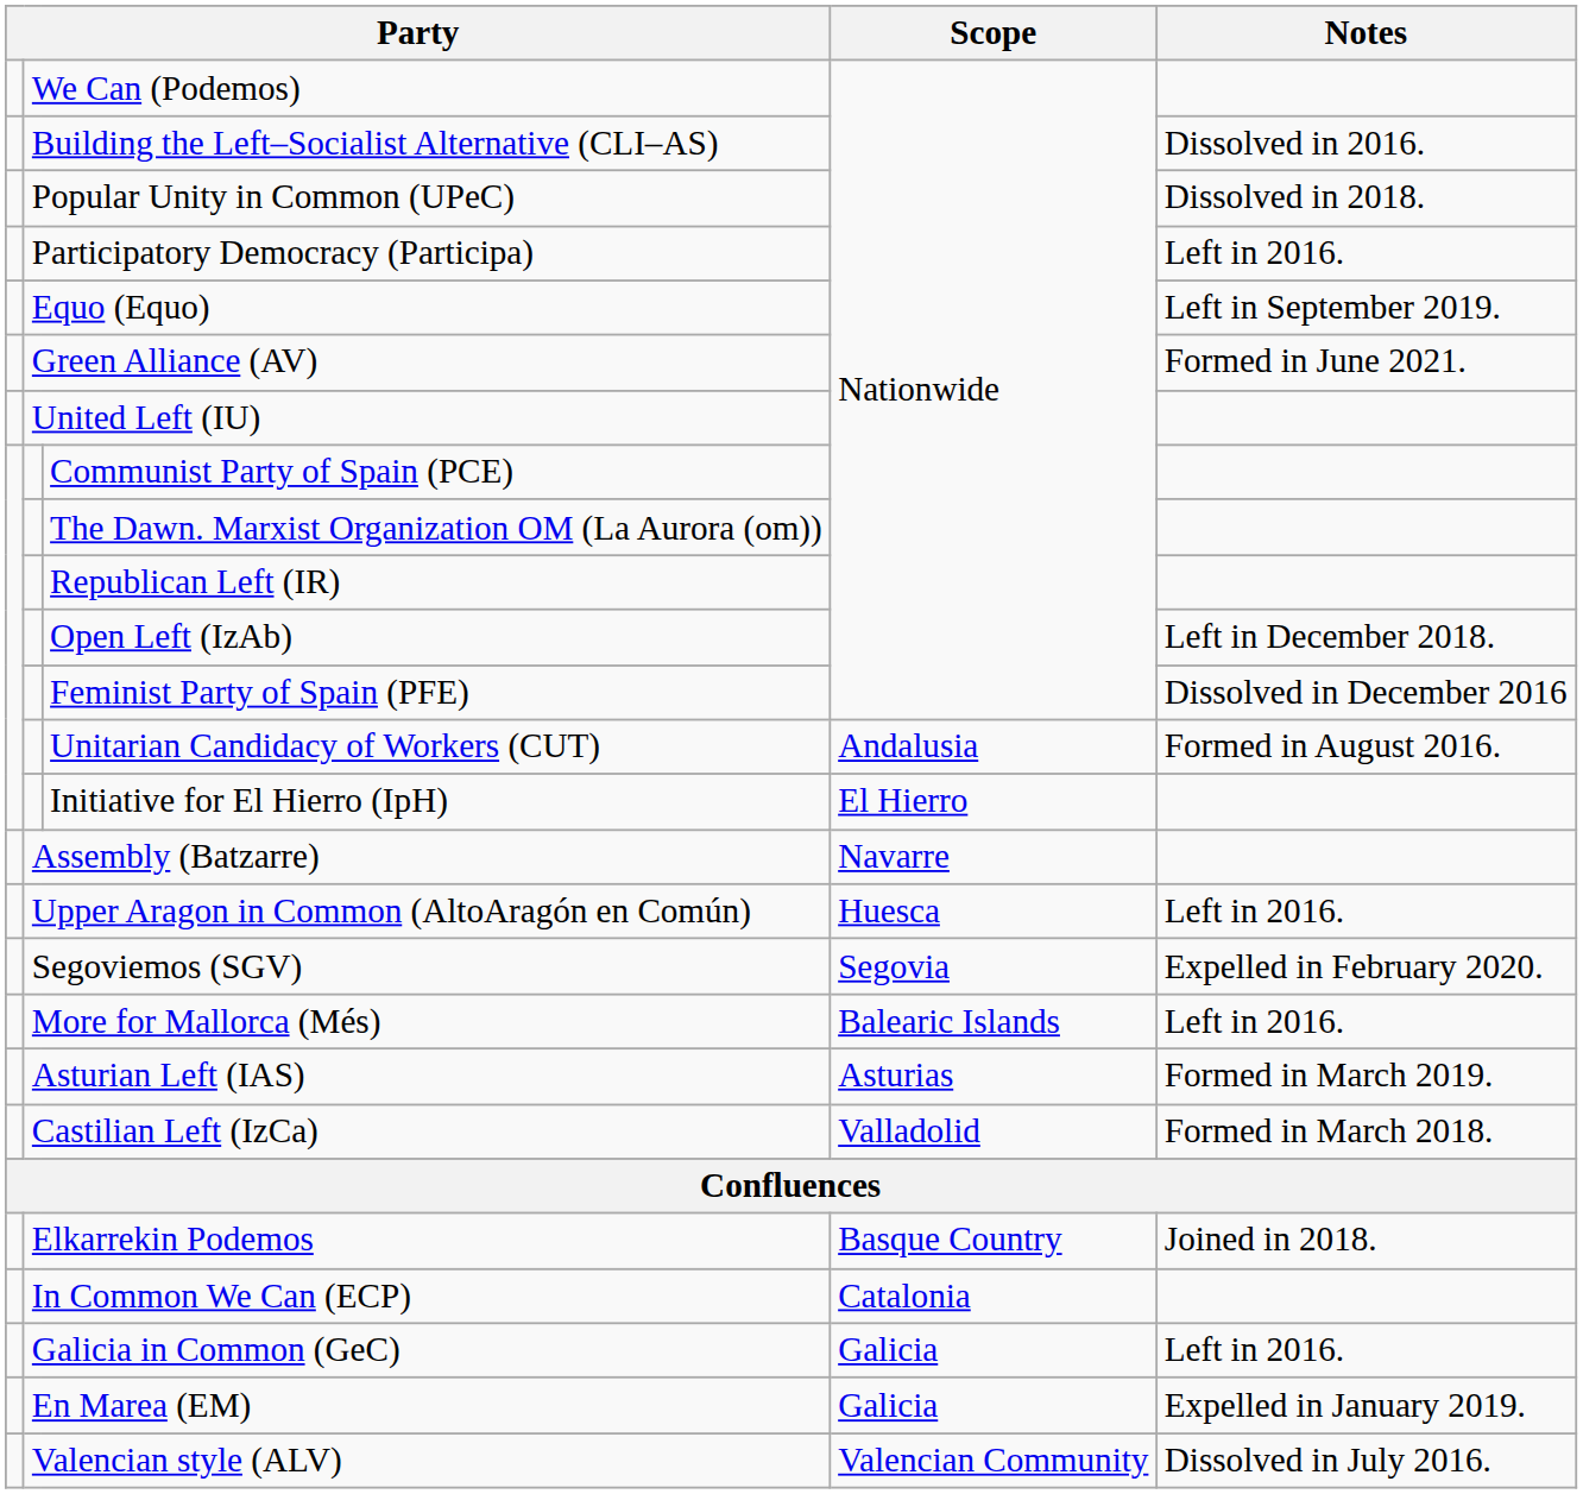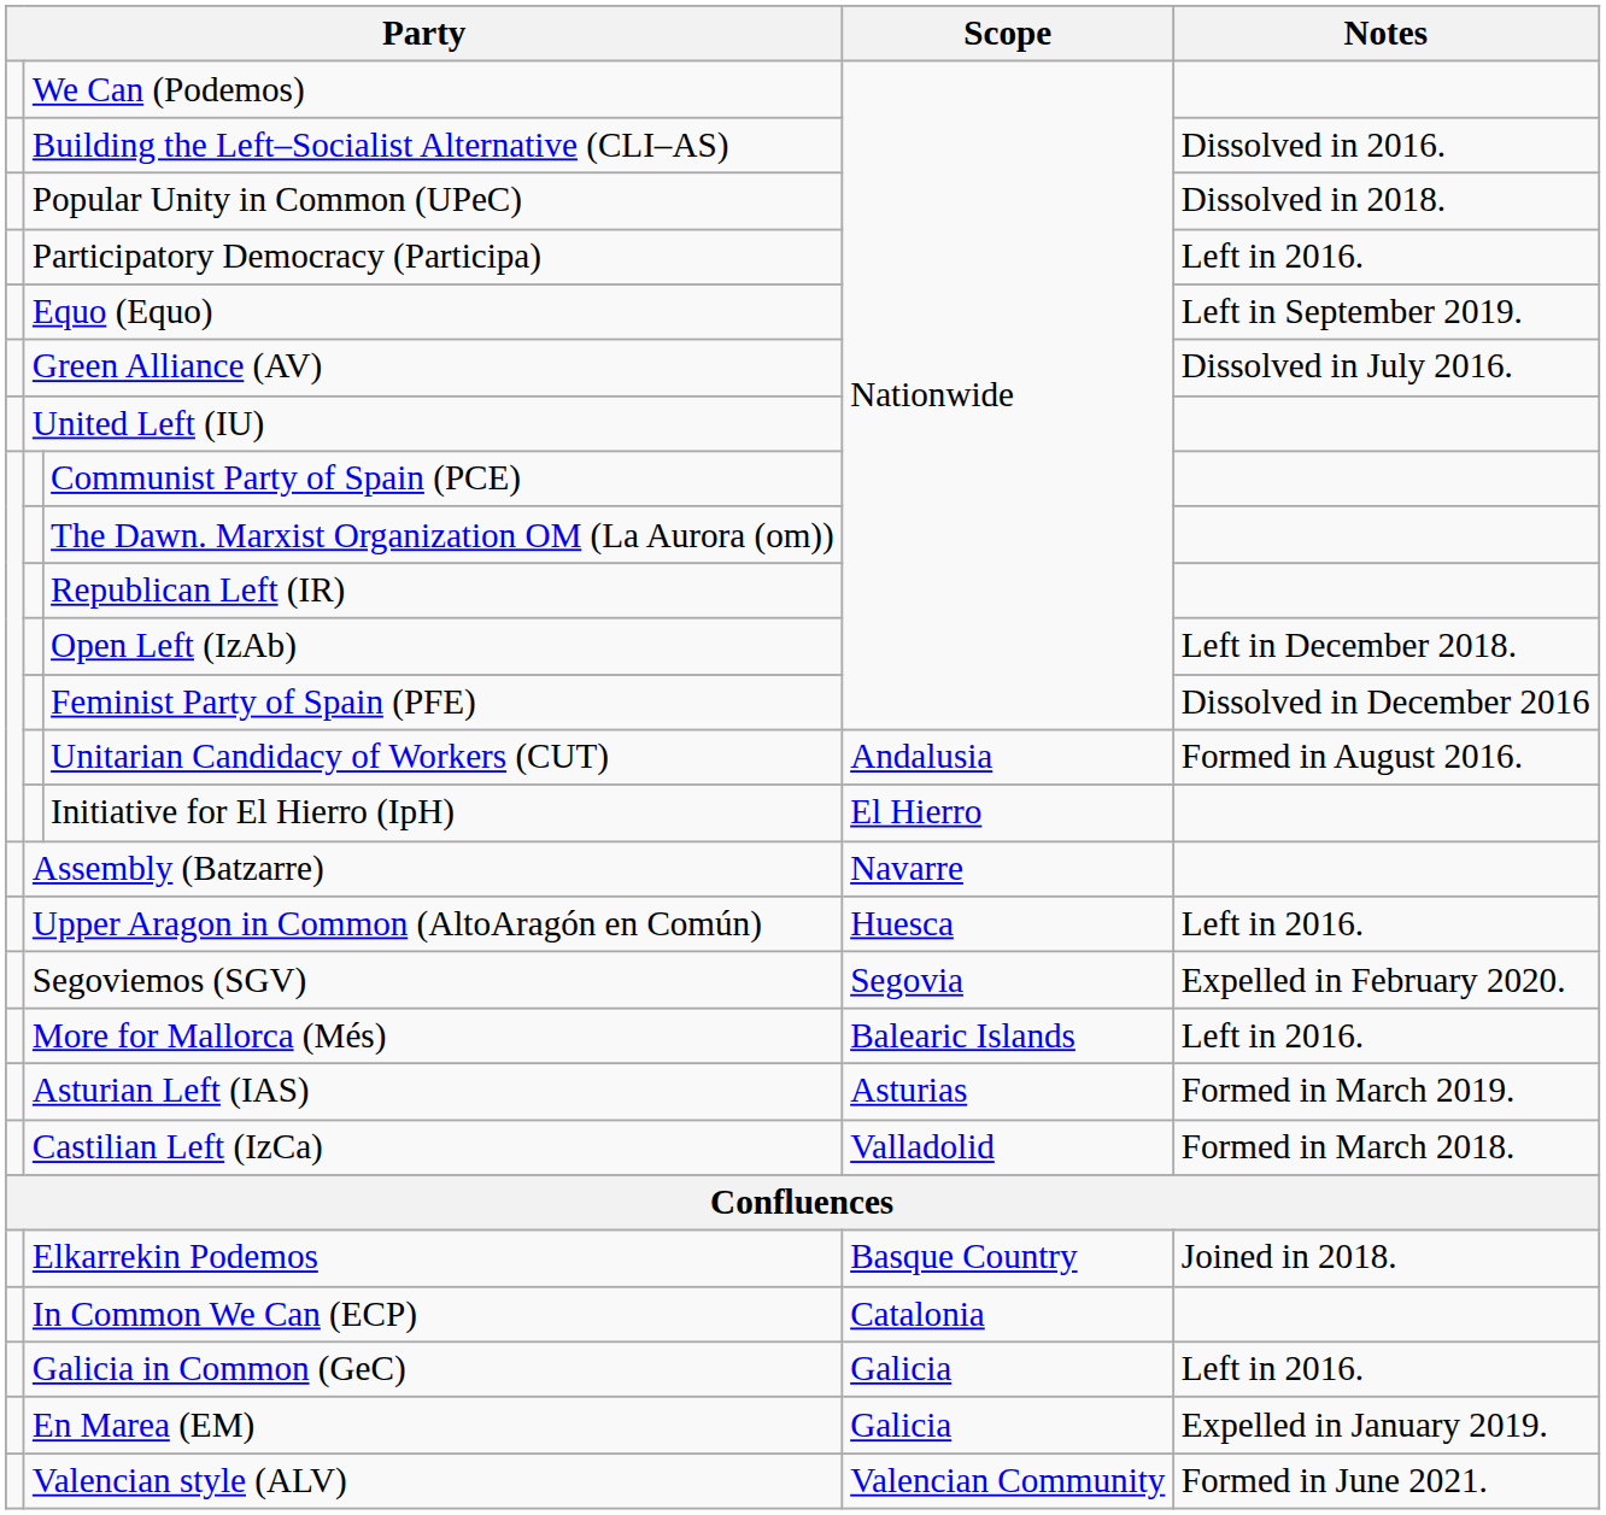 <table class="wikitable" style="text-align:left;">
 <tr>
 <th colspan="3">Party</th>
 <th>Scope</th>
 <th>Notes</th>
 </tr>
 <tr>
 <td width="1"></td>
 <td colspan="2"><a href='#'>We Can</a> (Podemos)</td>
 <td rowspan="12">Nationwide</td>
 <td></td>
 </tr>
 <tr>
 <td></td>
 <td colspan="2"><a href='#'>Building the Left–Socialist Alternative</a> (CLI–AS)</td>
 <td>Dissolved in 2016.</td>
 </tr>
 <tr>
 <td></td>
 <td colspan="2">Popular Unity in Common (UPeC)</td>
 <td>Dissolved in 2018.</td>
 </tr>
 <tr>
 <td></td>
 <td colspan="2">Participatory Democracy (Participa)</td>
 <td>Left in 2016.</td>
 </tr>
 <tr>
 <td></td>
 <td colspan="2"><a href='#'>Equo</a> (Equo)</td>
 <td>Left in September 2019.</td>
 </tr>
 <tr>
 <td></td>
 <td colspan="2"><a href='#'>Green Alliance</a> (AV)</td>
-<td>Formed in June 2021.</td>
+<td>Dissolved in July 2016.</td>
 </tr>
 <tr>
 <td></td>
 <td colspan="2"><a href='#'>United Left</a> (IU)</td>
 <td></td>
 </tr>
 <tr>
 <td rowspan="7"></td>
 <td width="1"></td>
 <td><a href='#'>Communist Party of Spain</a> (PCE)</td>
 <td></td>
 </tr>
 <tr>
 <td></td>
 <td><a href='#'>The Dawn. Marxist Organization OM</a> (La Aurora (om))</td>
 <td></td>
 </tr>
 <tr>
 <td></td>
 <td><a href='#'>Republican Left</a> (IR)</td>
 <td></td>
 </tr>
 <tr>
 <td></td>
 <td><a href='#'>Open Left</a> (IzAb)</td>
 <td>Left in December 2018.</td>
 </tr>
 <tr>
 <td></td>
 <td><a href='#'>Feminist Party of Spain</a> (PFE)</td>
 <td>Dissolved in December 2016</td>
 </tr>
 <tr>
 <td></td>
 <td><a href='#'>Unitarian Candidacy of Workers</a> (CUT)</td>
 <td><a href='#'>Andalusia</a></td>
 <td>Formed in August 2016.</td>
 </tr>
 <tr>
 <td></td>
 <td>Initiative for El Hierro (IpH)</td>
 <td><a href='#'>El Hierro</a></td>
 <td></td>
 </tr>
 <tr>
 <td></td>
 <td colspan="2"><a href='#'>Assembly</a> (Batzarre)</td>
 <td><a href='#'>Navarre</a></td>
 <td></td>
 </tr>
 <tr>
 <td></td>
 <td colspan="2"><a href='#'>Upper Aragon in Common</a> (AltoAragón en Común)</td>
 <td><a href='#'>Huesca</a></td>
 <td>Left in 2016.</td>
 </tr>
 <tr>
 <td></td>
 <td colspan="2">Segoviemos (SGV)</td>
 <td><a href='#'>Segovia</a></td>
 <td>Expelled in February 2020.</td>
 </tr>
 <tr>
 <td></td>
 <td colspan="2"><a href='#'>More for Mallorca</a> (Més)</td>
 <td><a href='#'>Balearic Islands</a></td>
 <td>Left in 2016.</td>
 </tr>
 <tr>
 <td></td>
 <td colspan="2"><a href='#'>Asturian Left</a> (IAS)</td>
 <td><a href='#'>Asturias</a></td>
 <td>Formed in March 2019.</td>
 </tr>
 <tr>
 <td></td>
 <td colspan="2"><a href='#'>Castilian Left</a> (IzCa)</td>
 <td><a href='#'>Valladolid</a></td>
 <td>Formed in March 2018.</td>
 </tr>
 <tr>
 <th colspan="5">Confluences</th>
 </tr>
 <tr>
 <td></td>
 <td colspan="2"><a href='#'>Elkarrekin Podemos</a></td>
 <td><a href='#'>Basque Country</a></td>
 <td>Joined in 2018.</td>
 </tr>
 <tr>
 <td></td>
 <td colspan="2"><a href='#'>In Common We Can</a> (ECP)</td>
 <td><a href='#'>Catalonia</a></td>
 <td></td>
 </tr>
 <tr>
 <td></td>
 <td colspan="2"><a href='#'>Galicia in Common</a> (GeC)</td>
 <td><a href='#'>Galicia</a></td>
 <td>Left in 2016.</td>
 </tr>
 <tr>
 <td></td>
 <td colspan="2"><a href='#'>En Marea</a> (EM)</td>
 <td><a href='#'>Galicia</a></td>
 <td>Expelled in January 2019.</td>
 </tr>
 <tr>
 <td></td>
 <td colspan="2"><a href='#'>Valencian style</a> (ALV)</td>
 <td><a href='#'>Valencian Community</a></td>
-<td>Dissolved in July 2016.</td>
+<td>Formed in June 2021.</td>
 </tr>
 </table>
